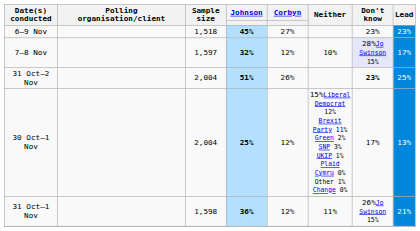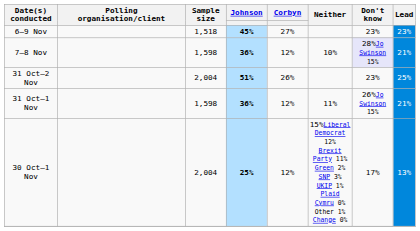 <table class="wikitable sortable" style="text-align:center;font-size:95%;line-height:14px">
 <tr>
 <th style="width:80px;" rowspan="2">Date(s)<br>conducted</th>
 <th style="width:200px;" rowspan="2">Polling organisation/client</th>
 <th style="width:60px;" rowspan="2">Sample size</th>
 <th style="width:60px;" class="unsortable"><a href='#'>Johnson</a></th>
 <th style="width:60px;" class="unsortable"><a href='#'>Corbyn</a></th>
 <th style="width:60px;" rowspan="2" class="unsortable">Neither</th>
 <th style="width:60px;" rowspan="2" class="unsortable">Don't know</th>
 <th class="unsortable" style="width:20px;" rowspan="2">Lead</th>
 </tr>
 <tr>
 <th class="unsortable" style="color:inherit;background:"></th>
 <th class="unsortable" style="color:inherit;background:"></th>
 </tr>
 <tr>
 <td>6–9 Nov</td>
 <td></td>
 <td>1,518</td>
 <td style="background:#B3E0FF"><strong>45%</strong></td>
 <td>27%</td>
 <td></td>
 <td>23%</td>
 <td style="background:#0087DC; color:white;">23%</td>
 </tr>
 <tr>
 <td>7–8 Nov</td>
 <td></td>
-<td>1,597</td>
-<td style="background:#B3E0FF"><strong>32%</strong></td>
+<td>1,598</td>
+<td style="background:#B3E0FF"><strong>36%</strong></td>
 <td>12%</td>
 <td>10%</td>
 <td style="background: lavender;">28%<small><a href='#'>Jo Swinson</a> 15%</small></td>
-<td style="background:#0087DC; color:white;">17%</td>
+<td style="background:#0087DC; color:white;">21%</td>
 </tr>
 <tr>
 <td>31 Oct–2 Nov</td>
 <td></td>
 <td>2,004</td>
 <td style="background:#B3E0FF"><strong>51%</strong></td>
 <td>26%</td>
 <td></td>
-<td><strong>23%</strong></td>
+<td>23%</td>
 <td style="background:#0087DC; color:white;">25%</td>
+</tr>
+<tr>
+<td>31 Oct–1 Nov</td>
+<td></td>
+<td>1,598</td>
+<td style="background:#B3E0FF"><strong>36%</strong></td>
+<td>12%</td>
+<td>11%</td>
+<td>26%<small><a href='#'>Jo Swinson</a> 15%</small></td>
+<td style="background:#0087DC; color:white;">21%</td>
 </tr>
 <tr>
 <td>30 Oct–1 Nov</td>
 <td> </td>
 <td>2,004</td>
 <td style="background:#B3E0FF"><strong>25%</strong></td>
 <td>12%</td>
 <td>15%<small><a href='#'>Liberal Democrat</a> 12%<br><a href='#'>Brexit Party</a> 11%<br><a href='#'>Green</a> 2%<br><a href='#'>SNP</a> 3% <br><a href='#'>UKIP</a> 1% <br><a href='#'>Plaid Cymru</a> 0%<br>Other 1%<br><a href='#'>Change</a> 0% </small></td>
 <td>17%</td>
 <td style="background:#0087DC; color:white;">13%</td>
 </tr>
 <tr>
-<td>31 Oct–1 Nov</td>
-<td></td>
-<td>1,598</td>
-<td style="background:#B3E0FF"><strong>36%</strong></td>
-<td>12%</td>
-<td>11%</td>
-<td>26%<small><a href='#'>Jo Swinson</a> 15%</small></td>
-<td style="background:#0087DC; color:white;">21%</td>
-</tr>
-<tr>
 </tr>
 </table>
